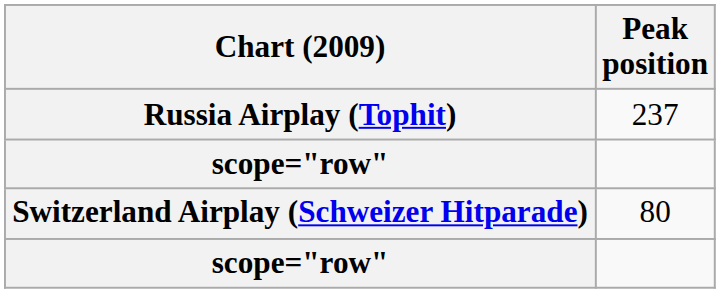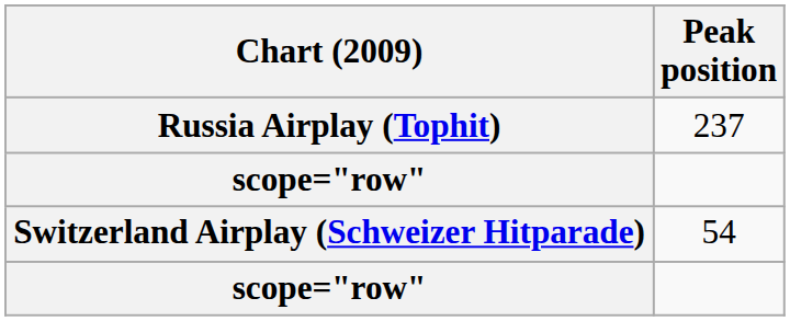 <table class="wikitable sortable plainrowheaders">
 <tr>
 <th scope="col">Chart (2009)</th>
 <th scope="col">Peak<br>position</th>
 </tr>
 <tr>
 <th scope="row">Russia Airplay (<a href='#'>Tophit</a>)</th>
 <td align="center">237</td>
 </tr>
 <tr>
 <th>scope="row"</th>
 </tr>
 <tr>
 <th scope="row">Switzerland Airplay (<a href='#'>Schweizer Hitparade</a>)</th>
-<td align="center">80</td>
+<td align="center">54</td>
 </tr>
 <tr>
 <th>scope="row"</th>
 </tr>
 </table>
